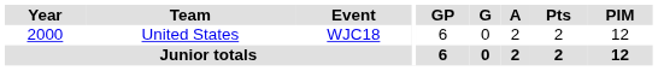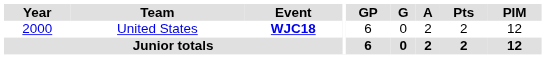 <table border="0" cellpadding="1" cellspacing="0" ID="Table3" style="text-align:center; width:40em">
 <tr ALIGN="center" bgcolor="#e0e0e0">
 <th>Year</th>
 <th>Team</th>
 <th>Event</th>
 <th rowspan="99" bgcolor="#ffffff"></th>
 <th>GP</th>
 <th>G</th>
 <th>A</th>
 <th>Pts</th>
 <th>PIM</th>
 </tr>
 <tr>
 <td><a href='#'>2000</a></td>
 <td><a href='#'>United States</a></td>
-<td><a href='#'>WJC18</a></td>
+<td><strong><a href='#'>WJC18</a></strong></td>
 <td>6</td>
 <td>0</td>
 <td>2</td>
 <td>2</td>
 <td>12</td>
 </tr>
 <tr bgcolor="#e0e0e0">
 <th colspan="3">Junior totals</th>
 <th>6</th>
 <th>0</th>
 <th>2</th>
 <th>2</th>
 <th>12</th>
 </tr>
 </table>
